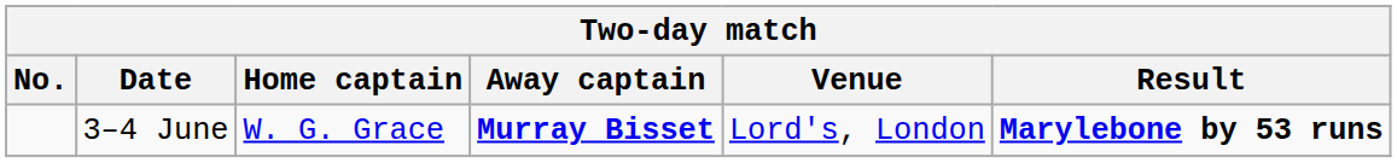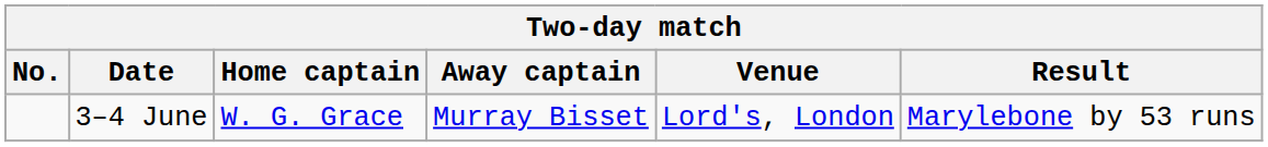 <table class="wikitable">
 <tr>
 <th colspan="9">Two-day match</th>
 </tr>
 <tr>
 <th>No.</th>
 <th>Date</th>
 <th>Home captain</th>
 <th>Away captain</th>
 <th>Venue</th>
 <th>Result</th>
 </tr>
 <tr>
 <td></td>
 <td>3–4 June</td>
 <td><a href='#'>W. G. Grace</a></td>
-<td><strong><a href='#'>Murray Bisset</a></strong></td>
+<td><a href='#'>Murray Bisset</a></td>
 <td><a href='#'>Lord's</a>, <a href='#'>London</a></td>
-<td><strong><a href='#'>Marylebone</a> by 53 runs</strong></td>
+<td><a href='#'>Marylebone</a> by 53 runs</td>
 </tr>
 </table>
